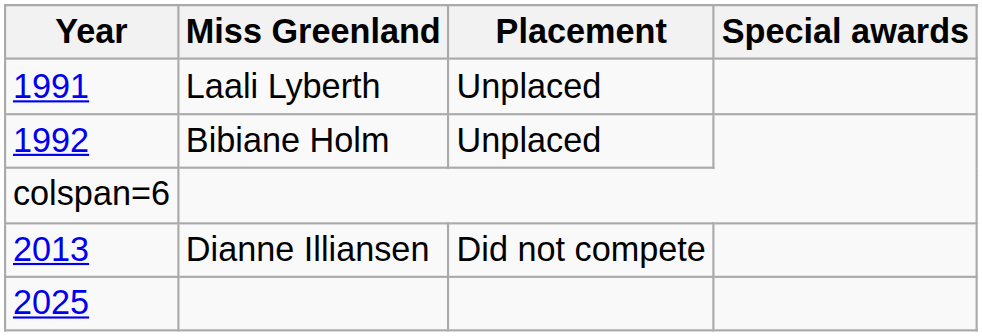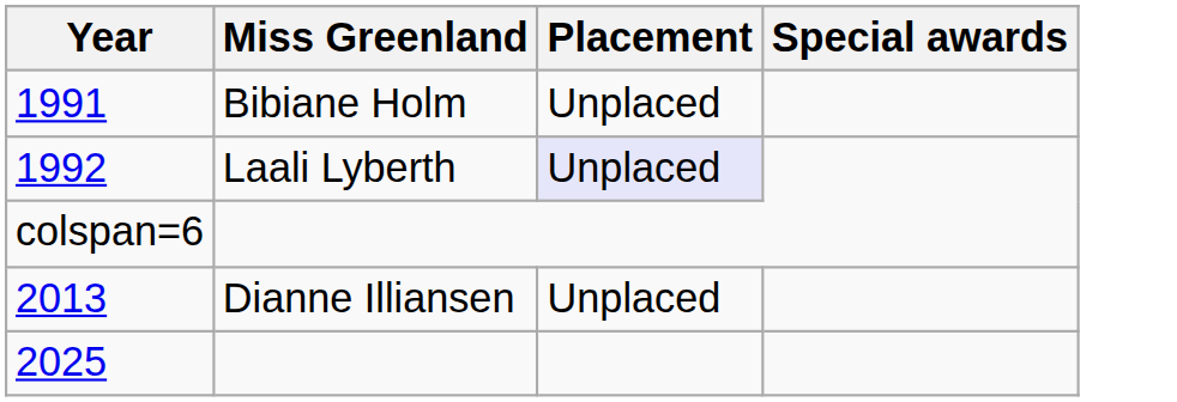 <table class="sortable wikitable">
 <tr bgcolor="#CCCCCC">
 </tr>
 <tr>
 <th>Year</th>
 <th>Miss Greenland</th>
 <th>Placement</th>
 <th>Special awards</th>
 </tr>
 <tr>
 <td><a href='#'>1991</a></td>
-<td>Laali Lyberth</td>
+<td>Bibiane Holm</td>
 <td>Unplaced</td>
 <td></td>
 </tr>
 <tr>
 <td><a href='#'>1992</a></td>
-<td>Bibiane Holm</td>
-<td>Unplaced</td>
+<td>Laali Lyberth</td>
+<td style="background: lavender;">Unplaced</td>
 </tr>
 <tr>
 <td>colspan=6 </td>
 </tr>
 <tr>
 <td><a href='#'>2013</a></td>
 <td>Dianne Illiansen</td>
-<td>Did not compete</td>
+<td>Unplaced</td>
 <td></td>
 </tr>
 <tr>
 <td><a href='#'>2025</a></td>
 <td></td>
 <td></td>
 <td></td>
 </tr>
 </table>
